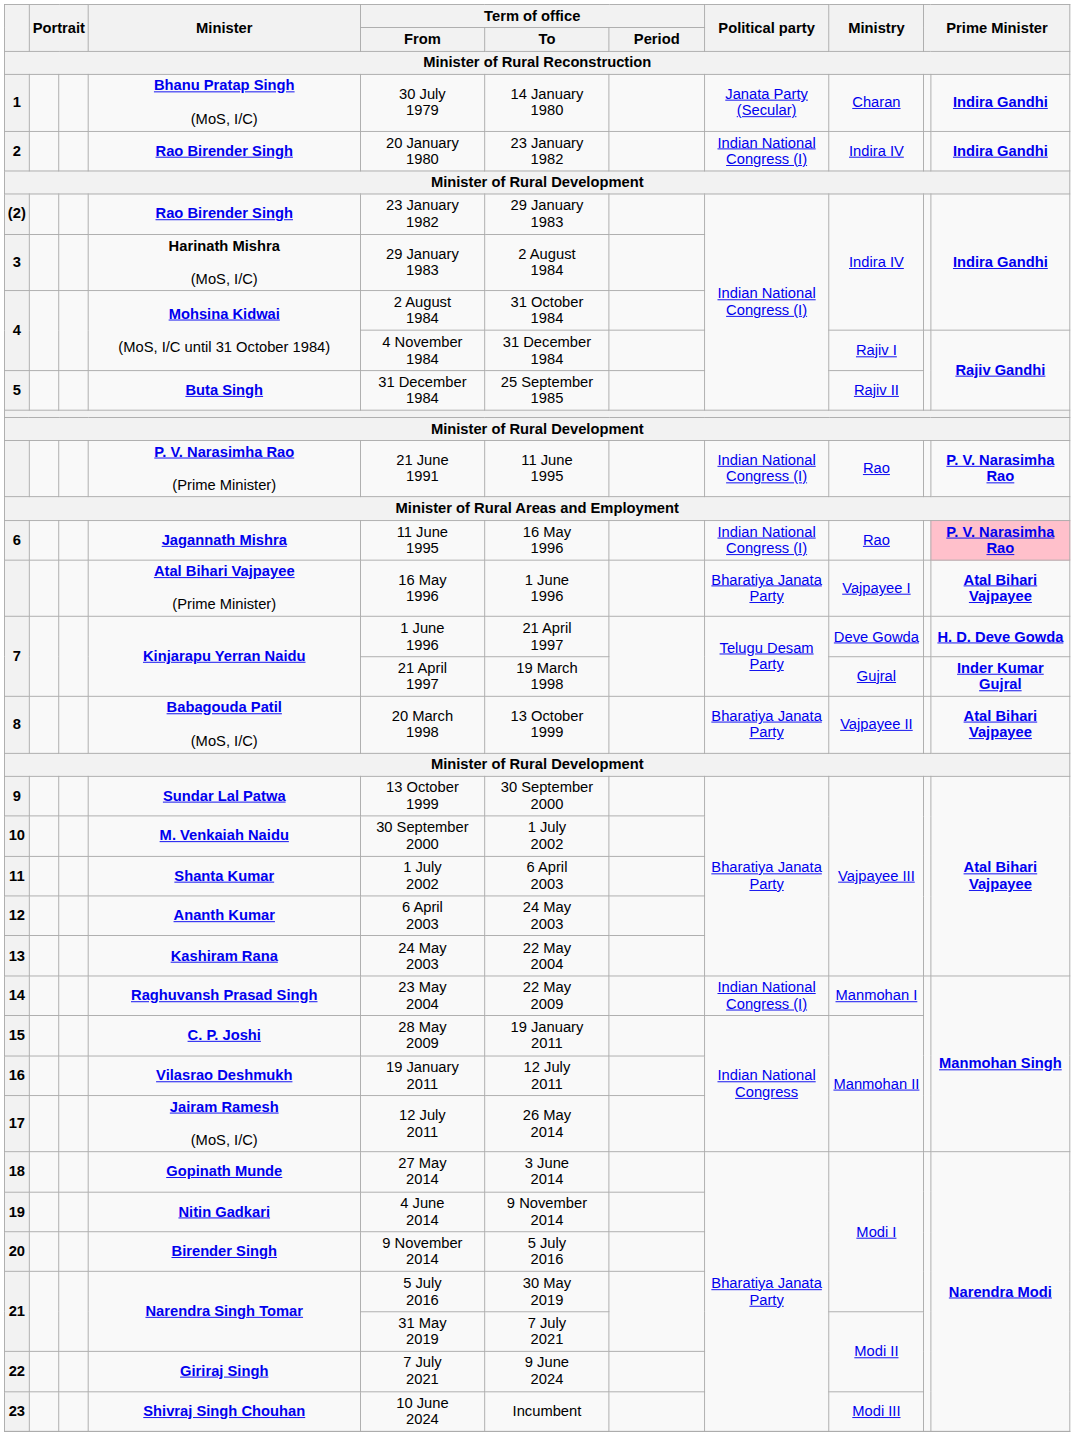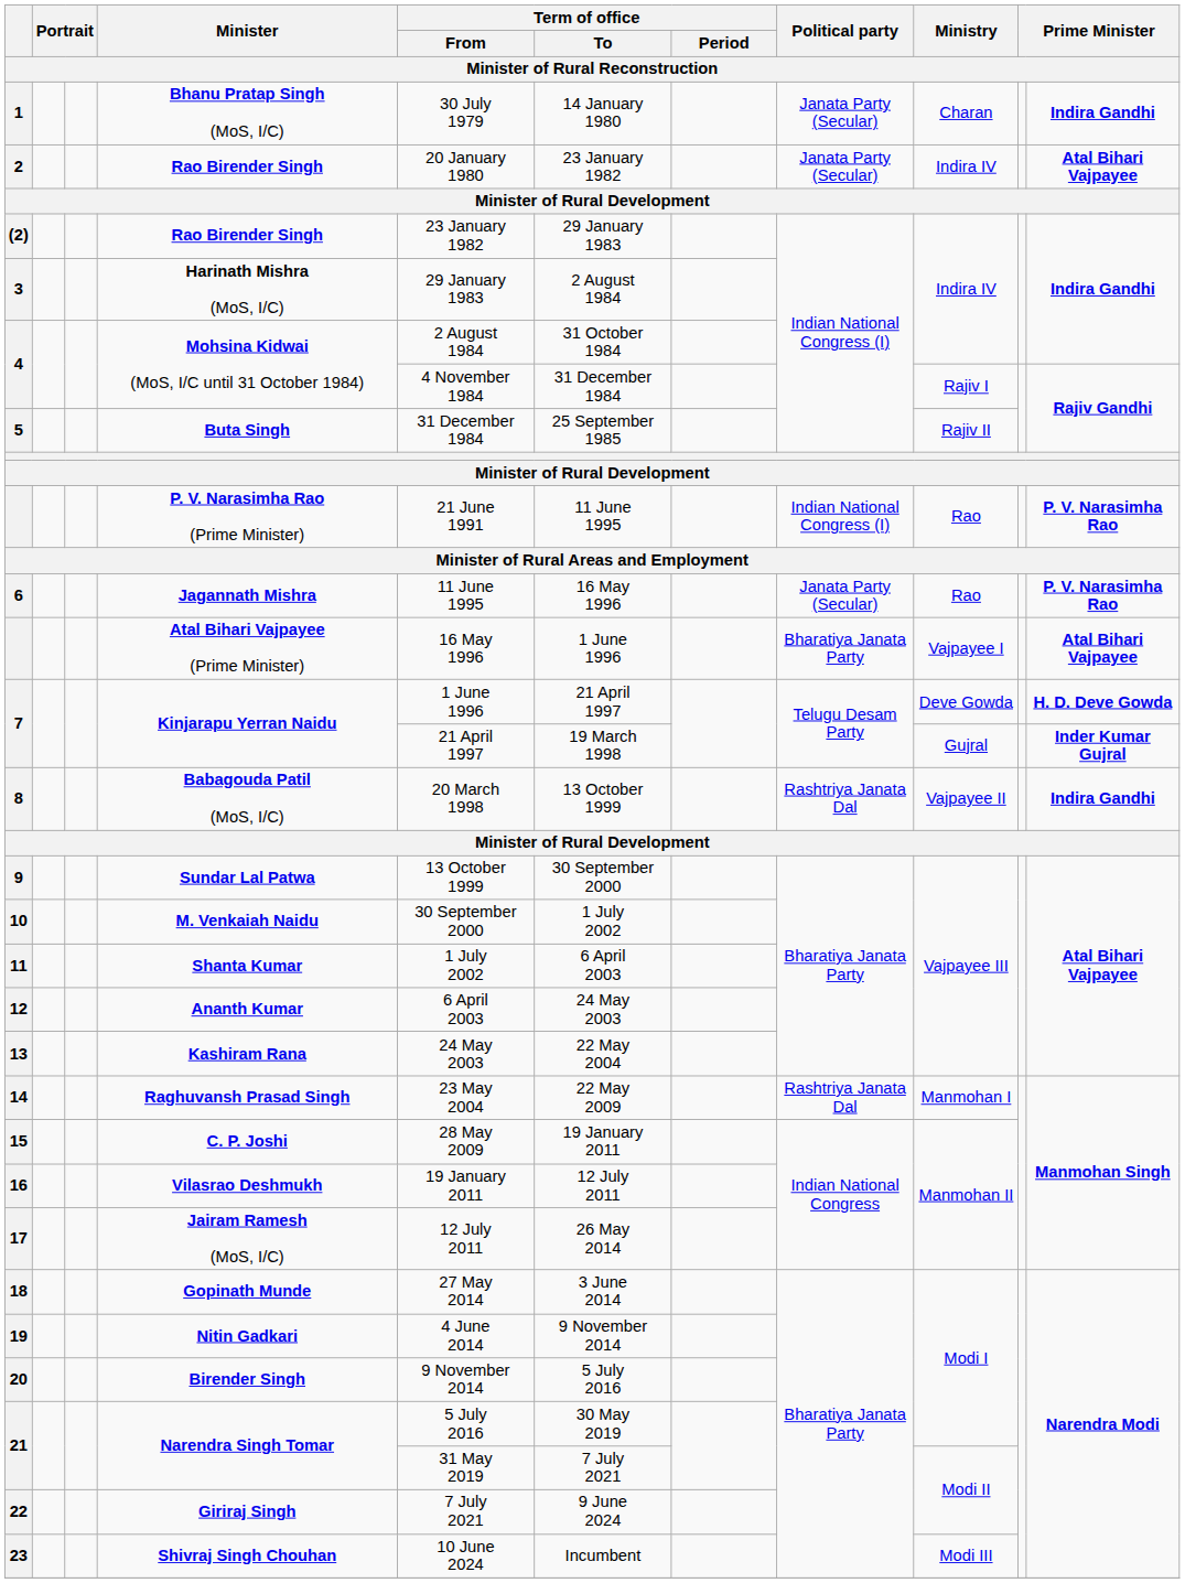 <table class="wikitable" style="text-align:center">
 <tr>
 <th rowspan="2"></th>
 <th rowspan="2" colspan="2">Portrait</th>
 <th rowspan="2" style="width:18em">Minister<br></th>
 <th colspan="3">Term of office</th>
 <th rowspan="2" style="width:8em">Political party</th>
 <th rowspan="2" style="width:6em">Ministry</th>
 <th rowspan="2" colspan="2">Prime Minister</th>
 </tr>
 <tr>
 <th style="width:8em">From</th>
 <th style="width:8em">To</th>
 <th style="width:6em">Period</th>
 </tr>
 <tr>
 <th colspan="11">Minister of Rural Reconstruction</th>
 </tr>
 <tr>
 <th>1</th>
 <td></td>
 <td></td>
 <td><strong><a href='#'>Bhanu Pratap Singh</a></strong><br><br>(MoS, I/C)</td>
 <td>30 July<br>1979</td>
 <td>14 January<br>1980</td>
 <td><strong></strong></td>
 <td><a href='#'>Janata Party (Secular)</a></td>
 <td><a href='#'>Charan</a></td>
 <td></td>
 <td><strong><a href='#'>Indira Gandhi</a></strong></td>
 </tr>
 <tr>
 <th>2</th>
 <td></td>
 <td></td>
 <td><strong><a href='#'>Rao Birender Singh</a></strong><br></td>
 <td>20 January<br>1980</td>
 <td>23 January<br>1982</td>
 <td><strong></strong></td>
-<td><a href='#'>Indian National Congress (I)</a></td>
+<td><a href='#'>Janata Party (Secular)</a></td>
 <td><a href='#'>Indira IV</a></td>
 <td></td>
-<td><strong><a href='#'>Indira Gandhi</a></strong></td>
+<td><strong><a href='#'>Atal Bihari Vajpayee</a></strong></td>
 </tr>
 <tr>
 <th colspan="11">Minister of Rural Development</th>
 </tr>
 <tr>
 <th>(2)</th>
 <td></td>
 <td></td>
 <td><strong><a href='#'>Rao Birender Singh</a></strong><br></td>
 <td>23 January<br>1982</td>
 <td>29 January<br>1983</td>
 <td><strong></strong></td>
 <td rowspan="5"><a href='#'>Indian National Congress (I)</a></td>
 <td rowspan="3"><a href='#'>Indira IV</a></td>
 <td rowspan="3"></td>
 <td rowspan="3"><strong><a href='#'>Indira Gandhi</a></strong></td>
 </tr>
 <tr>
 <th>3</th>
 <td></td>
 <td></td>
 <td><strong>Harinath Mishra</strong><br><br>(MoS, I/C)</td>
 <td>29 January<br>1983</td>
 <td>2 August<br>1984</td>
 <td><strong></strong></td>
 </tr>
 <tr>
 <th rowspan="2">4</th>
 <td rowspan="2"></td>
 <td rowspan="2"></td>
 <td rowspan="2"><strong><a href='#'>Mohsina Kidwai</a></strong><br><br>(MoS, I/C until 31 October 1984)</td>
 <td>2 August<br>1984</td>
 <td>31 October<br>1984</td>
 <td><strong></strong></td>
 </tr>
 <tr>
 <td>4 November<br>1984</td>
 <td>31 December<br>1984</td>
 <td><strong></strong></td>
 <td><a href='#'>Rajiv I</a></td>
 <td rowspan="2"></td>
 <td rowspan="2"><strong><a href='#'>Rajiv Gandhi</a></strong></td>
 </tr>
 <tr>
 <th>5</th>
 <td></td>
 <td></td>
 <td><strong><a href='#'>Buta Singh</a></strong><br></td>
 <td>31 December<br>1984</td>
 <td>25 September<br>1985</td>
 <td><strong></strong></td>
 <td><a href='#'>Rajiv II</a></td>
 </tr>
 <tr>
 <th colspan="11"></th>
 </tr>
 <tr>
 <th colspan="11">Minister of Rural Development</th>
 </tr>
 <tr>
 <th></th>
 <td></td>
 <td></td>
 <td><strong><a href='#'>P. V. Narasimha Rao</a></strong><br><br>(Prime Minister)</td>
 <td>21 June<br>1991</td>
 <td>11 June<br>1995</td>
 <td><strong></strong></td>
 <td><a href='#'>Indian National Congress (I)</a></td>
 <td><a href='#'>Rao</a></td>
 <td></td>
 <td><strong><a href='#'>P. V. Narasimha Rao</a></strong></td>
 </tr>
 <tr>
 <th colspan="11">Minister of Rural Areas and Employment</th>
 </tr>
 <tr>
 <th>6</th>
 <td></td>
 <td></td>
 <td><strong><a href='#'>Jagannath Mishra</a></strong><br></td>
 <td>11 June<br>1995</td>
 <td>16 May<br>1996</td>
 <td><strong></strong></td>
-<td><a href='#'>Indian National Congress (I)</a></td>
+<td><a href='#'>Janata Party (Secular)</a></td>
 <td><a href='#'>Rao</a></td>
 <td></td>
-<td style="background: pink;"><strong><a href='#'>P. V. Narasimha Rao</a></strong></td>
+<td><strong><a href='#'>P. V. Narasimha Rao</a></strong></td>
 </tr>
 <tr>
 <th></th>
 <td></td>
 <td></td>
 <td><strong><a href='#'>Atal Bihari Vajpayee</a></strong><br><br>(Prime Minister)</td>
 <td>16 May<br>1996</td>
 <td>1 June<br>1996</td>
 <td><strong></strong></td>
 <td><a href='#'>Bharatiya Janata Party</a></td>
 <td><a href='#'>Vajpayee I</a></td>
 <td></td>
 <td style="width:9em"><strong><a href='#'>Atal Bihari Vajpayee</a></strong></td>
 </tr>
 <tr>
 <th rowspan="2">7</th>
 <td rowspan="2"></td>
 <td rowspan="2"></td>
 <td rowspan="2"><strong><a href='#'>Kinjarapu Yerran Naidu</a></strong><br></td>
 <td>1 June<br>1996</td>
 <td>21 April<br>1997</td>
 <td rowspan="2"><strong></strong></td>
 <td rowspan="2"><a href='#'>Telugu Desam Party</a></td>
 <td><a href='#'>Deve Gowda</a></td>
 <td></td>
 <td><strong><a href='#'>H. D. Deve Gowda</a></strong></td>
 </tr>
 <tr>
 <td>21 April<br>1997</td>
 <td>19 March<br>1998</td>
 <td><a href='#'>Gujral</a></td>
 <td></td>
 <td><strong><a href='#'>Inder Kumar Gujral</a></strong></td>
 </tr>
 <tr>
 <th>8</th>
 <td></td>
 <td></td>
 <td><strong><a href='#'>Babagouda Patil</a></strong><br><br>(MoS, I/C)</td>
 <td>20 March<br>1998</td>
 <td>13 October<br>1999</td>
 <td><strong></strong></td>
-<td><a href='#'>Bharatiya Janata Party</a></td>
+<td><a href='#'>Rashtriya Janata Dal</a></td>
 <td><a href='#'>Vajpayee II</a></td>
 <td></td>
-<td><strong><a href='#'>Atal Bihari Vajpayee</a></strong></td>
+<td><strong><a href='#'>Indira Gandhi</a></strong></td>
 </tr>
 <tr>
 <th colspan="11">Minister of Rural Development</th>
 </tr>
 <tr>
 <th>9</th>
 <td></td>
 <td></td>
 <td><strong><a href='#'>Sundar Lal Patwa</a></strong><br></td>
 <td>13 October<br>1999</td>
 <td>30 September<br>2000</td>
 <td><strong></strong></td>
 <td rowspan="5"><a href='#'>Bharatiya Janata Party</a></td>
 <td rowspan="5"><a href='#'>Vajpayee III</a></td>
 <td rowspan="5"></td>
 <td rowspan="5"><strong><a href='#'>Atal Bihari Vajpayee</a></strong></td>
 </tr>
 <tr>
 <th>10</th>
 <td></td>
 <td></td>
 <td><strong><a href='#'>M. Venkaiah Naidu</a></strong><br></td>
 <td>30 September<br>2000</td>
 <td>1 July<br>2002</td>
 <td><strong></strong></td>
 </tr>
 <tr>
 <th>11</th>
 <td></td>
 <td></td>
 <td><strong><a href='#'>Shanta Kumar</a></strong><br></td>
 <td>1 July<br>2002</td>
 <td>6 April<br>2003</td>
 <td><strong></strong></td>
 </tr>
 <tr>
 <th>12</th>
 <td></td>
 <td></td>
 <td><strong><a href='#'>Ananth Kumar</a></strong><br></td>
 <td>6 April<br>2003</td>
 <td>24 May<br>2003</td>
 <td><strong></strong></td>
 </tr>
 <tr>
 <th>13</th>
 <td></td>
 <td></td>
 <td><strong><a href='#'>Kashiram Rana</a></strong><br></td>
 <td>24 May<br>2003</td>
 <td>22 May<br>2004</td>
 <td><strong></strong></td>
 </tr>
 <tr>
 <th>14</th>
 <td></td>
 <td></td>
 <td><strong><a href='#'>Raghuvansh Prasad Singh</a></strong><br></td>
 <td>23 May<br>2004</td>
 <td>22 May<br>2009</td>
 <td><strong></strong></td>
-<td><a href='#'>Indian National Congress (I)</a></td>
+<td><a href='#'>Rashtriya Janata Dal</a></td>
 <td><a href='#'>Manmohan I</a></td>
 <td rowspan="4"></td>
 <td rowspan="4"><strong><a href='#'>Manmohan Singh</a></strong></td>
 </tr>
 <tr>
 <th>15</th>
 <td></td>
 <td></td>
 <td><strong><a href='#'>C. P. Joshi</a></strong><br></td>
 <td>28 May<br>2009</td>
 <td>19 January<br>2011</td>
 <td><strong></strong></td>
 <td rowspan="3"><a href='#'>Indian National Congress</a></td>
 <td rowspan="3"><a href='#'>Manmohan II</a></td>
 </tr>
 <tr>
 <th>16</th>
 <td></td>
 <td></td>
 <td><strong><a href='#'>Vilasrao Deshmukh</a></strong><br></td>
 <td>19 January<br>2011</td>
 <td>12 July<br>2011</td>
 <td><strong></strong></td>
 </tr>
 <tr>
 <th>17</th>
 <td></td>
 <td></td>
 <td><strong><a href='#'>Jairam Ramesh</a></strong><br><br>(MoS, I/C)</td>
 <td>12 July<br>2011</td>
 <td>26 May<br>2014</td>
 <td><strong></strong></td>
 </tr>
 <tr>
 <th>18</th>
 <td></td>
 <td></td>
 <td><strong><a href='#'>Gopinath Munde</a></strong><br></td>
 <td>27 May<br>2014</td>
 <td>3 June<br>2014<br></td>
 <td><strong></strong></td>
 <td rowspan="7"><a href='#'>Bharatiya Janata Party</a></td>
 <td rowspan="4"><a href='#'>Modi I</a></td>
 <td rowspan="7"></td>
 <td rowspan="7"><strong><a href='#'>Narendra Modi</a></strong></td>
 </tr>
 <tr>
 <th>19</th>
 <td></td>
 <td></td>
 <td><strong><a href='#'>Nitin Gadkari</a></strong><br></td>
 <td>4 June<br>2014</td>
 <td>9 November<br>2014</td>
 <td><strong></strong></td>
 </tr>
 <tr>
 <th>20</th>
 <td></td>
 <td></td>
 <td><a href='#'><strong>Birender Singh</strong></a><br></td>
 <td>9 November<br>2014</td>
 <td>5 July<br>2016</td>
 <td><strong></strong></td>
 </tr>
 <tr>
 <th rowspan="2">21</th>
 <td rowspan="2"></td>
 <td rowspan="2"></td>
 <td rowspan="2"><strong><a href='#'>Narendra Singh Tomar</a></strong><br></td>
 <td>5 July<br>2016</td>
 <td>30 May<br>2019</td>
 <td rowspan="2"><strong></strong></td>
 </tr>
 <tr>
 <td>31 May<br>2019</td>
 <td>7 July<br>2021</td>
 <td rowspan="2"><a href='#'>Modi II</a></td>
 </tr>
 <tr>
 <th>22</th>
 <td></td>
 <td></td>
 <td><strong><a href='#'>Giriraj Singh</a></strong><br></td>
 <td>7 July<br>2021</td>
 <td>9 June<br>2024</td>
 <td><strong></strong></td>
 </tr>
 <tr>
 <th>23</th>
 <td></td>
 <td></td>
 <td><strong><a href='#'>Shivraj Singh Chouhan</a></strong><br></td>
 <td>10 June<br>2024</td>
 <td>Incumbent</td>
 <td><strong></strong></td>
 <td><a href='#'>Modi III</a></td>
 </tr>
 <tr>
 </tr>
 </table>
